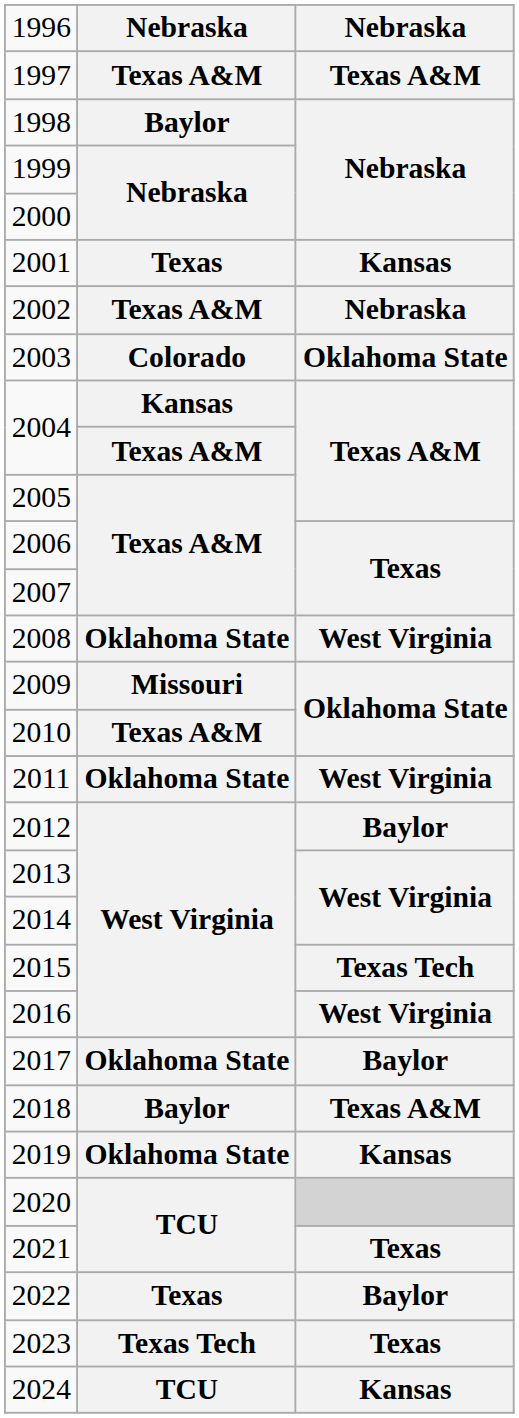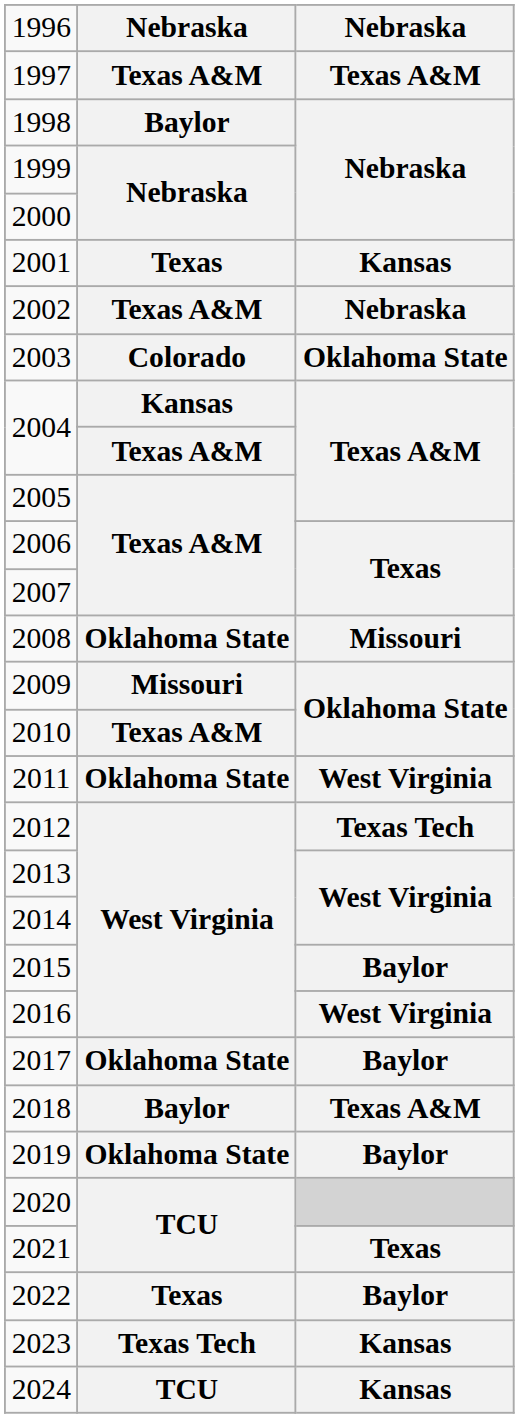 <table class="wikitable" style="text-align: center;">
 <tr>
 <td>1996</td>
 <th>Nebraska</th>
 <th>Nebraska</th>
 </tr>
 <tr>
 <td>1997</td>
 <th>Texas A&M</th>
 <th>Texas A&M</th>
 </tr>
 <tr>
 <td>1998</td>
 <th>Baylor</th>
 <th rowspan="3">Nebraska</th>
 </tr>
 <tr>
 <td>1999</td>
 <th rowspan="2">Nebraska</th>
 </tr>
 <tr>
 <td>2000</td>
 </tr>
 <tr>
 <td>2001</td>
 <th>Texas</th>
 <th>Kansas</th>
 </tr>
 <tr>
 <td>2002</td>
 <th>Texas A&M</th>
 <th>Nebraska</th>
 </tr>
 <tr>
 <td>2003</td>
 <th>Colorado</th>
 <th>Oklahoma State</th>
 </tr>
 <tr>
 <td rowspan="2">2004</td>
 <th>Kansas</th>
 <th rowspan="3">Texas A&M</th>
 </tr>
 <tr>
 <th>Texas A&M</th>
 </tr>
 <tr>
 <td>2005</td>
 <th rowspan="3">Texas A&M</th>
 </tr>
 <tr>
 <td>2006</td>
 <th rowspan="2">Texas</th>
 </tr>
 <tr>
 <td>2007</td>
 </tr>
 <tr>
 <td>2008</td>
 <th>Oklahoma State</th>
-<th>West Virginia</th>
+<th>Missouri</th>
 </tr>
 <tr>
 <td>2009</td>
 <th>Missouri</th>
 <th rowspan="2">Oklahoma State</th>
 </tr>
 <tr>
 <td>2010</td>
 <th>Texas A&M</th>
 </tr>
 <tr>
 <td>2011</td>
 <th>Oklahoma State</th>
 <th>West Virginia</th>
 </tr>
 <tr>
 <td>2012</td>
 <th rowspan="5">West Virginia</th>
-<th>Baylor</th>
+<th>Texas Tech</th>
 </tr>
 <tr>
 <td>2013</td>
 <th rowspan="2">West Virginia</th>
 </tr>
 <tr>
 <td>2014</td>
 </tr>
 <tr>
 <td>2015</td>
-<th>Texas Tech</th>
+<th>Baylor</th>
 </tr>
 <tr>
 <td>2016</td>
 <th>West Virginia</th>
 </tr>
 <tr>
 <td>2017</td>
 <th>Oklahoma State</th>
 <th>Baylor</th>
 </tr>
 <tr>
 <td>2018</td>
 <th>Baylor</th>
 <th>Texas A&M</th>
 </tr>
 <tr>
 <td>2019</td>
 <th>Oklahoma State</th>
-<th>Kansas</th>
+<th>Baylor</th>
 </tr>
 <tr>
 <td>2020</td>
 <th rowspan="2">TCU</th>
 <td bgcolor="#d3d3d3"></td>
 </tr>
 <tr>
 <td>2021</td>
 <th>Texas</th>
 </tr>
 <tr>
 <td>2022</td>
 <th>Texas</th>
 <th>Baylor</th>
 </tr>
 <tr>
 <td>2023</td>
 <th>Texas Tech</th>
-<th>Texas</th>
+<th>Kansas</th>
 </tr>
 <tr>
 <td>2024</td>
 <th>TCU</th>
 <th>Kansas</th>
 </tr>
 </table>
